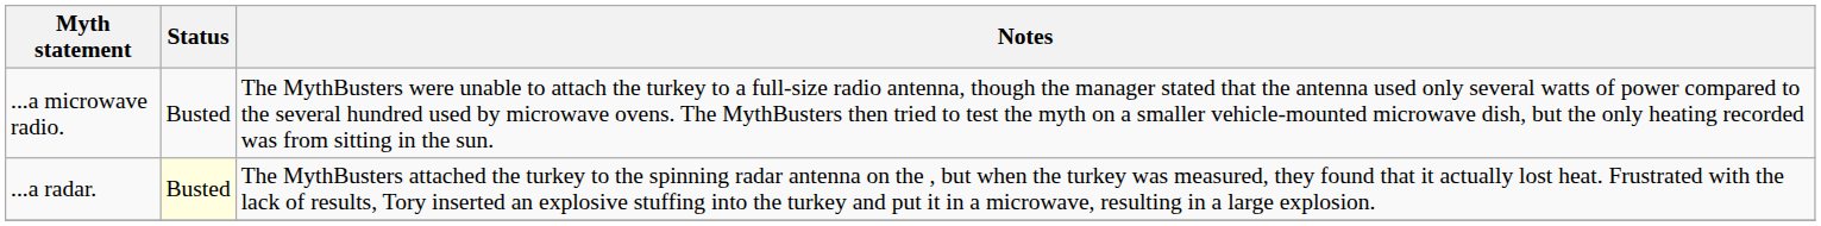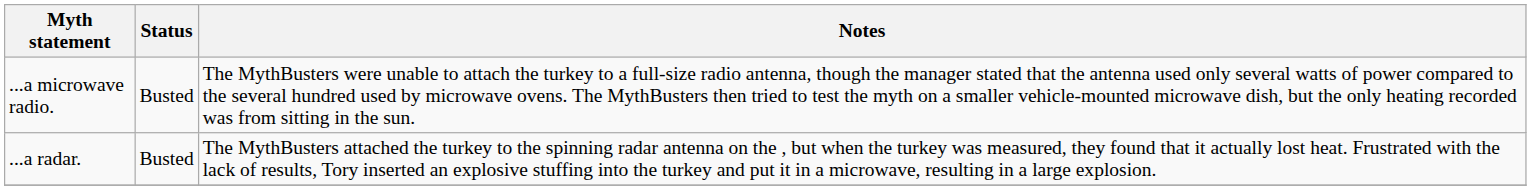 <table class="wikitable plainrowheaders">
 <tr>
 <th>Myth statement</th>
 <th>Status</th>
 <th>Notes</th>
 </tr>
 <tr>
 <td>...a microwave radio.</td>
 <td><span>Busted</span></td>
 <td>The MythBusters were unable to attach the turkey to a full-size radio antenna, though the manager stated that the antenna used only several watts of power compared to the several hundred used by microwave ovens. The MythBusters then tried to test the myth on a smaller vehicle-mounted microwave dish, but the only heating recorded was from sitting in the sun.</td>
 </tr>
 <tr>
 <td>...a radar.</td>
-<td style="background: lightyellow;"><span>Busted</span></td>
+<td><span>Busted</span></td>
 <td>The MythBusters attached the turkey to the spinning radar antenna on the , but when the turkey was measured, they found that it actually lost heat. Frustrated with the lack of results, Tory inserted an explosive stuffing into the turkey and put it in a microwave, resulting in a large explosion.</td>
 </tr>
 <tr>
 </tr>
 </table>
